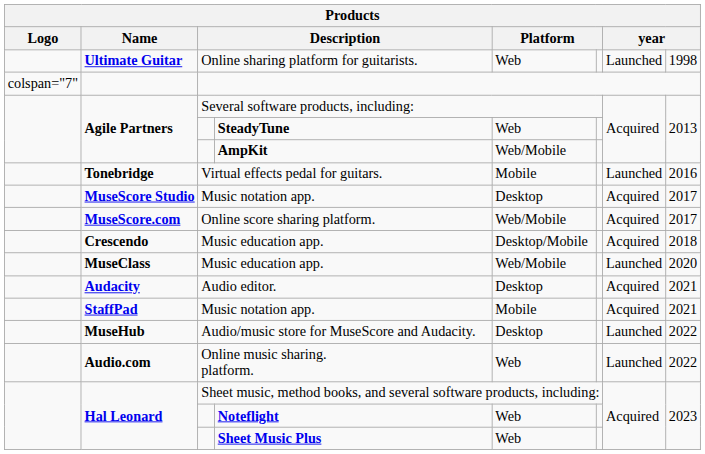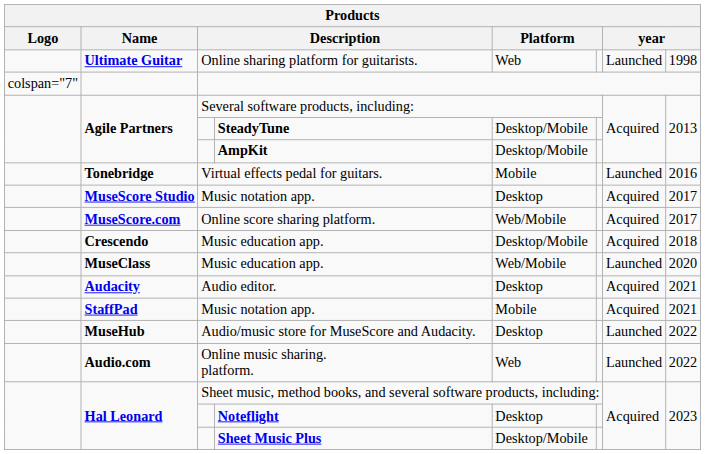 <table class="wikitable">
 <tr>
 <th colspan="8">Products</th>
 </tr>
 <tr>
 <th>Logo</th>
 <th>Name</th>
 <th colspan="2">Description</th>
 <th colspan="2">Platform</th>
 <th colspan="2">year</th>
 </tr>
 <tr>
 <td></td>
 <td><strong><a href='#'>Ultimate Guitar</a></strong></td>
 <td colspan="2">Online sharing platform for guitarists.</td>
 <td>Web</td>
 <td></td>
 <td>Launched</td>
 <td>1998</td>
 </tr>
 <tr>
 <td>colspan="7" </td>
 <td></td>
 </tr>
 <tr>
 <td rowspan="3"></td>
 <td rowspan="3"><strong>Agile Partners</strong></td>
 <td colspan="4">Several software products, including:</td>
 <td rowspan="3">Acquired</td>
 <td rowspan="3">2013</td>
 </tr>
 <tr>
 <td></td>
 <td><strong>SteadyTune</strong></td>
-<td>Web</td>
+<td>Desktop/Mobile</td>
 <td></td>
 </tr>
 <tr>
 <td></td>
 <td><strong>AmpKit</strong></td>
-<td>Web/Mobile</td>
+<td>Desktop/Mobile</td>
 <td></td>
 </tr>
 <tr>
 <td></td>
 <td><strong>Tonebridge</strong></td>
 <td colspan="2">Virtual effects pedal for guitars.</td>
 <td>Mobile</td>
 <td></td>
 <td>Launched</td>
 <td>2016</td>
 </tr>
 <tr>
 <td></td>
 <td><strong><a href='#'>MuseScore Studio</a></strong></td>
 <td colspan="2">Music notation app.</td>
 <td>Desktop</td>
 <td></td>
 <td>Acquired</td>
 <td>2017</td>
 </tr>
 <tr>
 <td></td>
 <td><a href='#'><strong>MuseScore.com</strong></a></td>
 <td colspan="2">Online score sharing platform.</td>
 <td>Web/Mobile</td>
 <td></td>
 <td>Acquired</td>
 <td>2017</td>
 </tr>
 <tr>
 <td></td>
 <td><strong>Crescendo</strong></td>
 <td colspan="2">Music education app.</td>
 <td>Desktop/Mobile</td>
 <td></td>
 <td>Acquired</td>
 <td>2018</td>
 </tr>
 <tr>
 <td></td>
 <td><strong>MuseClass</strong></td>
 <td colspan="2">Music education app.</td>
 <td>Web/Mobile</td>
 <td></td>
 <td>Launched</td>
 <td>2020</td>
 </tr>
 <tr>
 <td></td>
 <td><a href='#'><strong>Audacity</strong></a></td>
 <td colspan="2">Audio editor.</td>
 <td>Desktop</td>
 <td></td>
 <td>Acquired</td>
 <td>2021</td>
 </tr>
 <tr>
 <td></td>
 <td><strong><a href='#'>StaffPad</a></strong></td>
 <td colspan="2">Music notation app.</td>
 <td>Mobile</td>
 <td></td>
 <td>Acquired</td>
 <td>2021</td>
 </tr>
 <tr>
 <td></td>
 <td><strong>MuseHub</strong></td>
 <td colspan="2">Audio/music store for MuseScore and Audacity.</td>
 <td>Desktop</td>
 <td></td>
 <td>Launched</td>
 <td>2022</td>
 </tr>
 <tr>
 <td></td>
 <td><strong>Audio.com</strong></td>
 <td colspan="2">Online music sharing.<br>platform.</td>
 <td>Web</td>
 <td></td>
 <td>Launched</td>
 <td>2022</td>
 </tr>
 <tr>
 <td rowspan="3"></td>
 <td rowspan="3"><strong><a href='#'>Hal Leonard</a></strong></td>
 <td colspan="4">Sheet music, method books, and several software products, including:</td>
 <td rowspan="3">Acquired</td>
 <td rowspan="3">2023</td>
 </tr>
 <tr>
 <td></td>
 <td><strong><a href='#'>Noteflight</a></strong></td>
-<td>Web</td>
+<td>Desktop</td>
 <td></td>
 </tr>
 <tr>
 <td></td>
 <td><strong><a href='#'>Sheet Music Plus</a></strong></td>
-<td>Web</td>
+<td>Desktop/Mobile</td>
 <td></td>
 </tr>
 </table>
